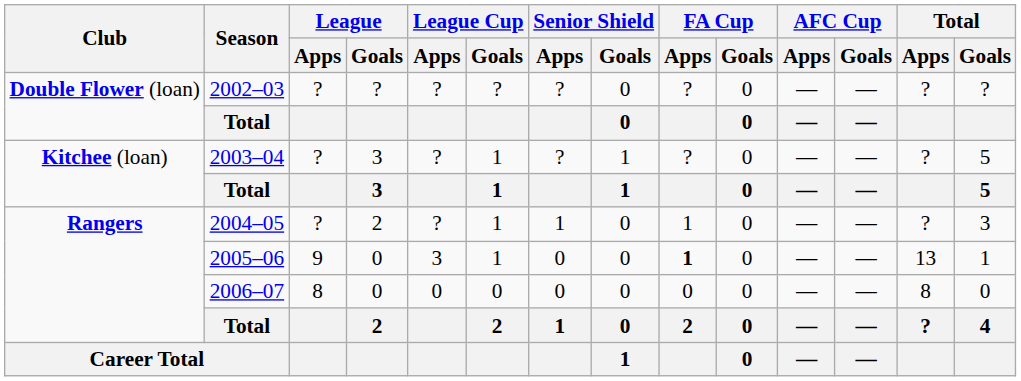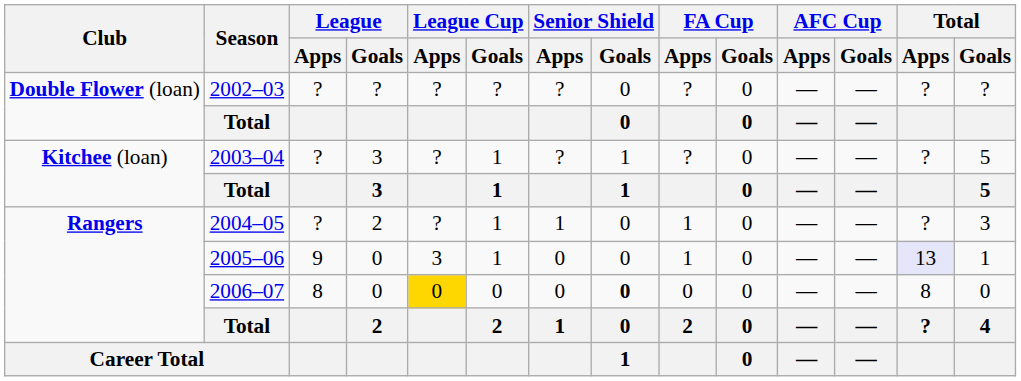 <table class="wikitable" style="text-align: center;">
 <tr>
 <th rowspan=2>Club</th>
 <th rowspan=2>Season</th>
 <th colspan=2><a href='#'>League</a></th>
 <th colspan=2><a href='#'>League Cup</a></th>
 <th colspan=2><a href='#'>Senior Shield</a></th>
 <th colspan=2><a href='#'>FA Cup</a></th>
 <th colspan=2><a href='#'>AFC Cup</a></th>
 <th colspan=2>Total</th>
 </tr>
 <tr>
 <th>Apps</th>
 <th>Goals</th>
 <th>Apps</th>
 <th>Goals</th>
 <th>Apps</th>
 <th>Goals</th>
 <th>Apps</th>
 <th>Goals</th>
 <th>Apps</th>
 <th>Goals</th>
 <th>Apps</th>
 <th>Goals</th>
 </tr>
 <tr>
 <td rowspan=2 valign="top"><strong><a href='#'>Double Flower</a></strong> (loan)</td>
 <td><a href='#'>2002–03</a></td>
 <td>?</td>
 <td>?</td>
 <td>?</td>
 <td>?</td>
 <td>?</td>
 <td>0</td>
 <td>?</td>
 <td>0</td>
 <td>—</td>
 <td>—</td>
 <td>?</td>
 <td>?</td>
 </tr>
 <tr>
 <th>Total</th>
 <th></th>
 <th></th>
 <th></th>
 <th></th>
 <th></th>
 <th>0</th>
 <th></th>
 <th>0</th>
 <th>—</th>
 <th>—</th>
 <th></th>
 <th></th>
 </tr>
 <tr>
 <td rowspan=2 valign="top"><strong><a href='#'>Kitchee</a></strong> (loan)</td>
 <td><a href='#'>2003–04</a></td>
 <td>?</td>
 <td>3</td>
 <td>?</td>
 <td>1</td>
 <td>?</td>
 <td>1</td>
 <td>?</td>
 <td>0</td>
 <td>—</td>
 <td>—</td>
 <td>?</td>
 <td>5</td>
 </tr>
 <tr>
 <th>Total</th>
 <th></th>
 <th>3</th>
 <th></th>
 <th>1</th>
 <th></th>
 <th>1</th>
 <th></th>
 <th>0</th>
 <th>—</th>
 <th>—</th>
 <th></th>
 <th>5</th>
 </tr>
 <tr>
 <td rowspan=4 valign="top"><strong><a href='#'>Rangers</a></strong></td>
 <td><a href='#'>2004–05</a></td>
 <td>?</td>
 <td>2</td>
 <td>?</td>
 <td>1</td>
 <td>1</td>
 <td>0</td>
 <td>1</td>
 <td>0</td>
 <td>—</td>
 <td>—</td>
 <td>?</td>
 <td>3</td>
 </tr>
 <tr>
 <td><a href='#'>2005–06</a></td>
 <td>9</td>
 <td>0</td>
 <td>3</td>
 <td>1</td>
 <td>0</td>
 <td>0</td>
-<td><strong>1</strong></td>
+<td>1</td>
 <td>0</td>
 <td>—</td>
 <td>—</td>
-<td>13</td>
+<td style="background: lavender;">13</td>
 <td>1</td>
 </tr>
 <tr>
 <td><a href='#'>2006–07</a></td>
 <td>8</td>
 <td>0</td>
+<td style="background: gold;">0</td>
 <td>0</td>
 <td>0</td>
-<td>0</td>
-<td>0</td>
+<td><strong>0</strong></td>
 <td>0</td>
 <td>0</td>
 <td>—</td>
 <td>—</td>
 <td>8</td>
 <td>0</td>
 </tr>
 <tr>
 <th>Total</th>
 <th></th>
 <th>2</th>
 <th></th>
 <th>2</th>
 <th>1</th>
 <th>0</th>
 <th>2</th>
 <th>0</th>
 <th>—</th>
 <th>—</th>
 <th>?</th>
 <th>4</th>
 </tr>
 <tr>
 <th colspan=2>Career Total</th>
 <th></th>
 <th></th>
 <th></th>
 <th></th>
 <th></th>
 <th>1</th>
 <th></th>
 <th>0</th>
 <th>—</th>
 <th>—</th>
 <th></th>
 <th></th>
 </tr>
 </table>
